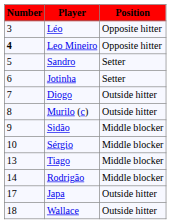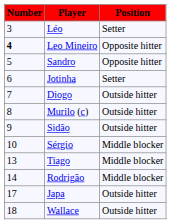 <table bgcolor="#f7f8ff" cellpadding="3" cellspacing="0" border="1" style="font-size: 95%; border: gray solid 1px; border-collapse: collapse;">
 <tr bgcolor="#ff0000">
 <td align=center><strong>Number</strong></td>
 <td align=center><strong>Player</strong></td>
 <td align=center><strong>Position</strong></td>
 </tr>
 <tr align="left">
 <td>3</td>
 <td> <a href='#'>Léo</a></td>
-<td>Opposite hitter</td>
+<td>Setter</td>
 </tr>
 <tr align=left>
 <td><strong>4</strong></td>
 <td> <a href='#'>Leo Mineiro</a></td>
 <td>Opposite hitter</td>
 </tr>
 <tr align="left">
 <td>5</td>
 <td> <a href='#'>Sandro</a></td>
-<td>Setter</td>
+<td>Opposite hitter</td>
 </tr>
 <tr align="left">
 <td>6</td>
 <td> <a href='#'>Jotinha</a></td>
 <td>Setter</td>
 </tr>
 <tr align="left">
 <td>7</td>
 <td> <a href='#'>Diogo</a></td>
 <td>Outside hitter</td>
 </tr>
 <tr align="left">
 <td>8</td>
 <td> <a href='#'>Murilo</a> (<a href='#'>c</a>)</td>
 <td>Outside hitter</td>
 </tr>
 <tr align="left">
 <td>9</td>
 <td> <a href='#'>Sidão</a></td>
-<td>Middle blocker</td>
+<td>Outside hitter</td>
 </tr>
 <tr align="left">
 <td>10</td>
 <td> <a href='#'>Sérgio</a></td>
 <td>Middle blocker</td>
 </tr>
 <tr align="left">
 <td>13</td>
 <td> <a href='#'>Tiago</a></td>
 <td>Middle blocker</td>
 </tr>
 <tr align="left">
 <td>14</td>
 <td> <a href='#'>Rodrigão</a></td>
 <td>Middle blocker</td>
 </tr>
 <tr align="left">
 <td>17</td>
 <td> <a href='#'>Japa</a></td>
 <td>Outside hitter</td>
 </tr>
 <tr align="left">
 <td>18</td>
 <td> <a href='#'>Wallace</a></td>
 <td>Outside hitter</td>
 </tr>
 </table>
